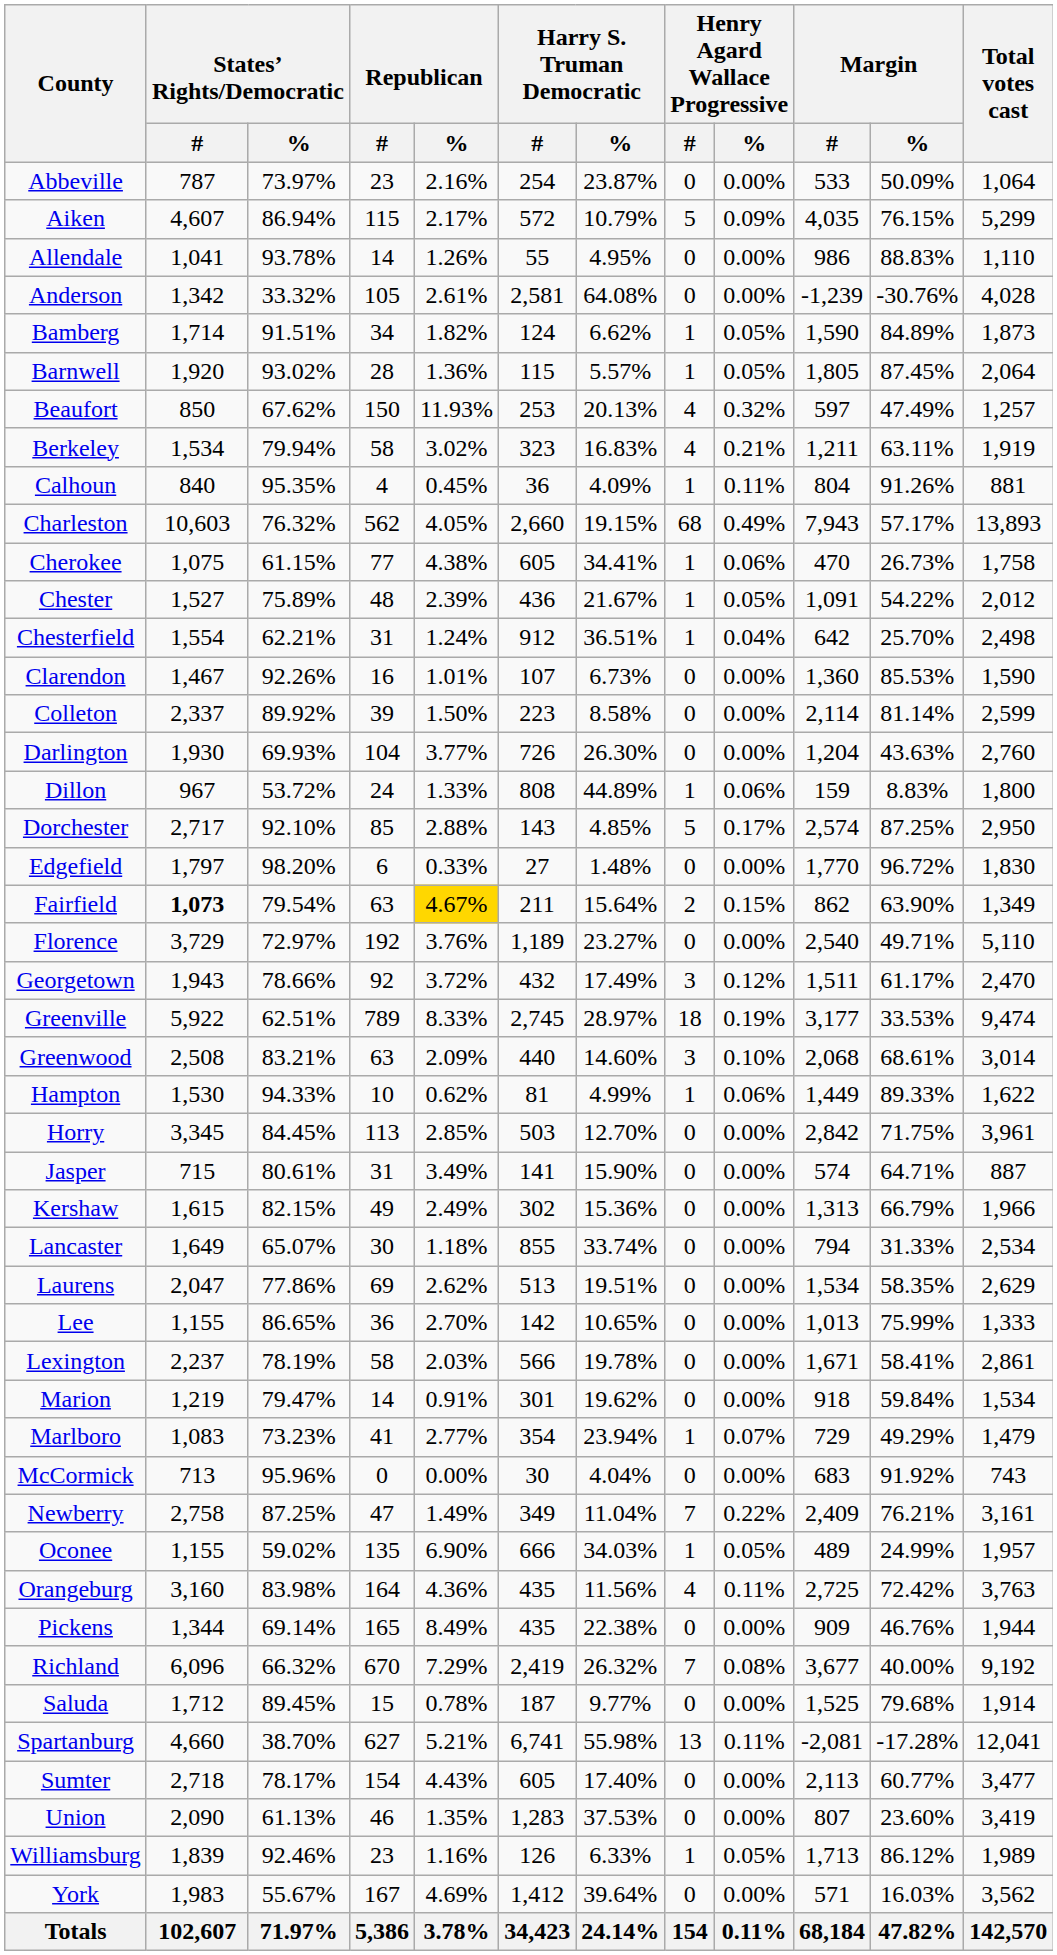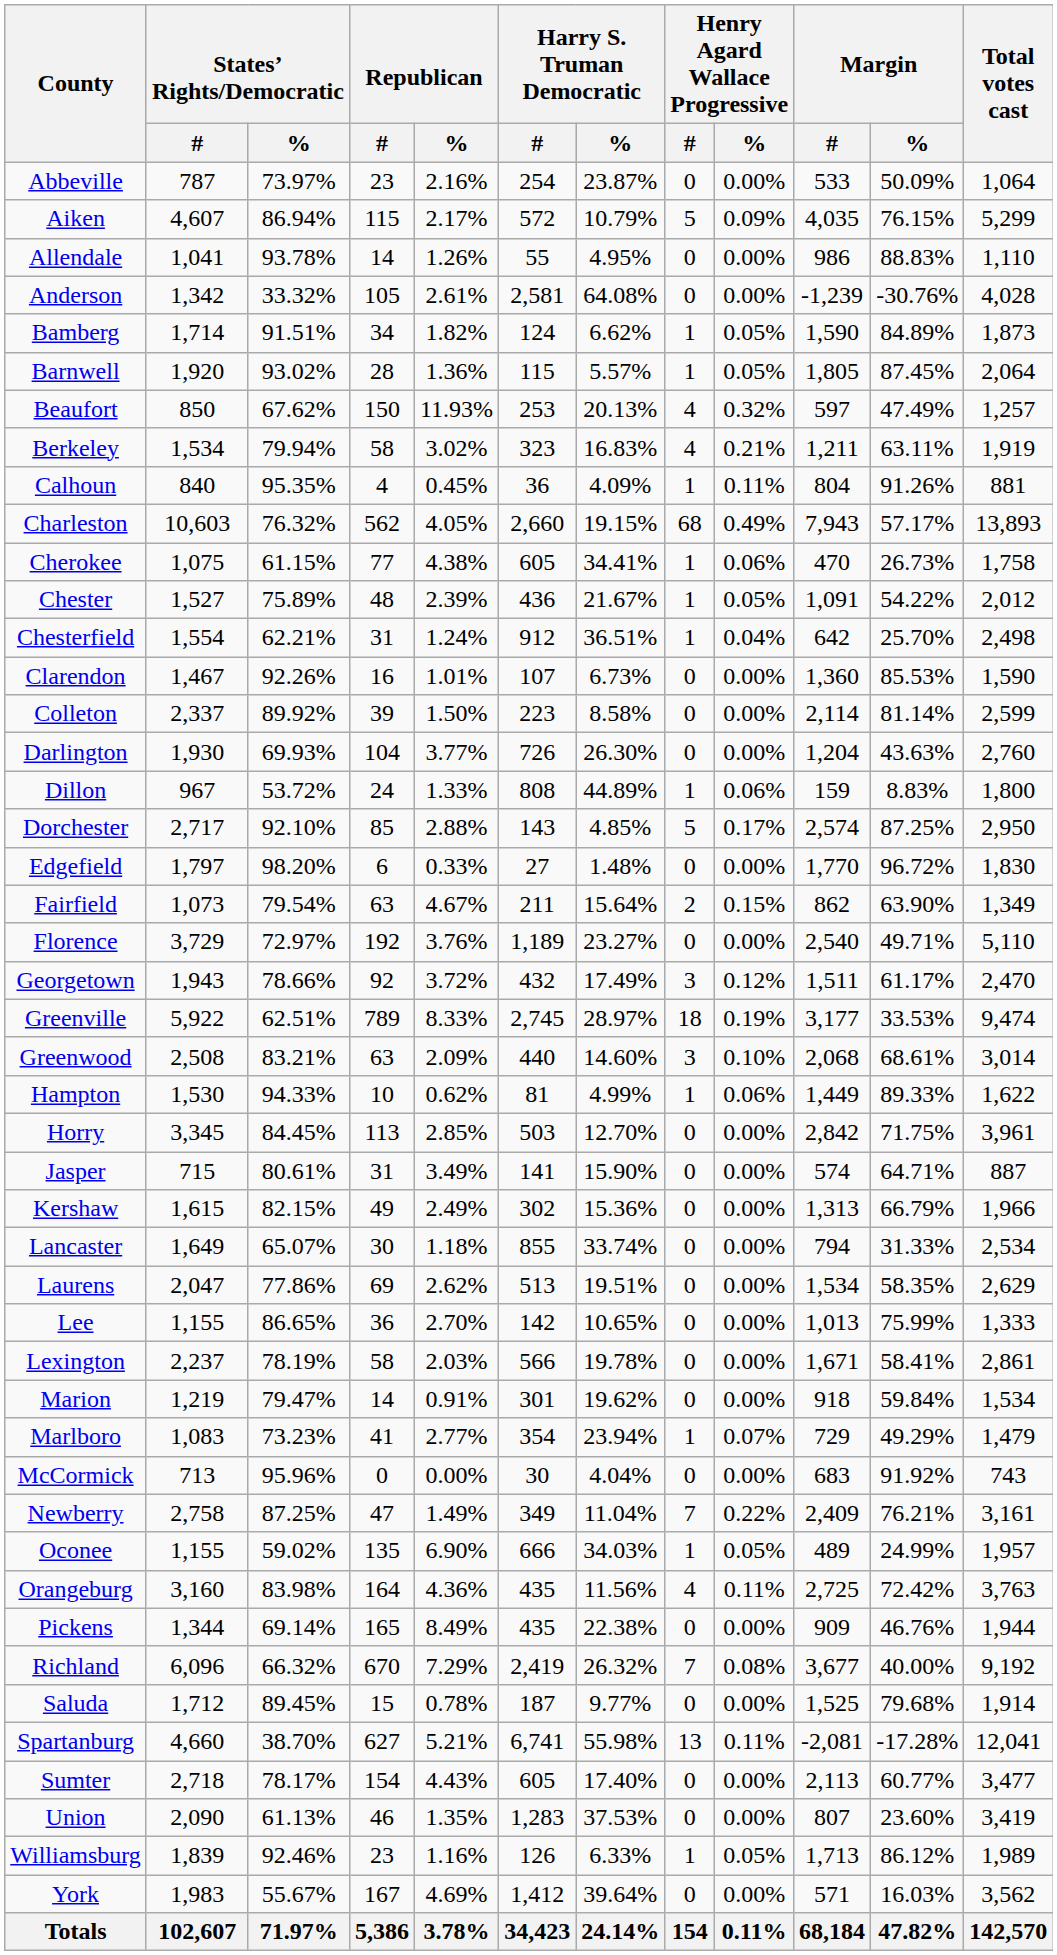 <table class="wikitable sortable mw-collapsible mw-collapsed">
 <tr>
 <th rowspan="2">County</th>
 <th colspan="2"><br>States’ Rights/Democratic</th>
 <th colspan="2"><br>Republican</th>
 <th colspan="2">Harry S. Truman<br>Democratic</th>
 <th colspan="2">Henry Agard Wallace<br>Progressive</th>
 <th colspan="2">Margin</th>
 <th rowspan="2">Total votes cast</th>
 </tr>
 <tr bgcolor="lightgrey">
 <th data-sort-type="number">#</th>
 <th data-sort-type="number">%</th>
 <th data-sort-type="number">#</th>
 <th data-sort-type="number">%</th>
 <th width="8%" data-sort-type="number">#</th>
 <th width="8%" data-sort-type="number">%</th>
 <th width="8%" data-sort-type="number">#</th>
 <th Width="8%" data-sort-type="number">%</th>
 <th data-sort-type="number">#</th>
 <th data-sort-type="number">%</th>
 </tr>
 <tr style="text-align:center;">
 <td><a href='#'>Abbeville</a></td>
 <td>787</td>
 <td>73.97%</td>
 <td>23</td>
 <td>2.16%</td>
 <td>254</td>
 <td>23.87%</td>
 <td>0</td>
 <td>0.00%</td>
 <td>533</td>
 <td>50.09%</td>
 <td>1,064</td>
 </tr>
 <tr style="text-align:center;">
 <td><a href='#'>Aiken</a></td>
 <td>4,607</td>
 <td>86.94%</td>
 <td>115</td>
 <td>2.17%</td>
 <td>572</td>
 <td>10.79%</td>
 <td>5</td>
 <td>0.09%</td>
 <td>4,035</td>
 <td>76.15%</td>
 <td>5,299</td>
 </tr>
 <tr style="text-align:center;">
 <td><a href='#'>Allendale</a></td>
 <td>1,041</td>
 <td>93.78%</td>
 <td>14</td>
 <td>1.26%</td>
 <td>55</td>
 <td>4.95%</td>
 <td>0</td>
 <td>0.00%</td>
 <td>986</td>
 <td>88.83%</td>
 <td>1,110</td>
 </tr>
 <tr style="text-align:center;">
 <td><a href='#'>Anderson</a></td>
 <td>1,342</td>
 <td>33.32%</td>
 <td>105</td>
 <td>2.61%</td>
 <td>2,581</td>
 <td>64.08%</td>
 <td>0</td>
 <td>0.00%</td>
 <td>-1,239</td>
 <td>-30.76%</td>
 <td>4,028</td>
 </tr>
 <tr style="text-align:center;">
 <td><a href='#'>Bamberg</a></td>
 <td>1,714</td>
 <td>91.51%</td>
 <td>34</td>
 <td>1.82%</td>
 <td>124</td>
 <td>6.62%</td>
 <td>1</td>
 <td>0.05%</td>
 <td>1,590</td>
 <td>84.89%</td>
 <td>1,873</td>
 </tr>
 <tr style="text-align:center;">
 <td><a href='#'>Barnwell</a></td>
 <td>1,920</td>
 <td>93.02%</td>
 <td>28</td>
 <td>1.36%</td>
 <td>115</td>
 <td>5.57%</td>
 <td>1</td>
 <td>0.05%</td>
 <td>1,805</td>
 <td>87.45%</td>
 <td>2,064</td>
 </tr>
 <tr style="text-align:center;">
 <td><a href='#'>Beaufort</a></td>
 <td>850</td>
 <td>67.62%</td>
 <td>150</td>
 <td>11.93%</td>
 <td>253</td>
 <td>20.13%</td>
 <td>4</td>
 <td>0.32%</td>
 <td>597</td>
 <td>47.49%</td>
 <td>1,257</td>
 </tr>
 <tr style="text-align:center;">
 <td><a href='#'>Berkeley</a></td>
 <td>1,534</td>
 <td>79.94%</td>
 <td>58</td>
 <td>3.02%</td>
 <td>323</td>
 <td>16.83%</td>
 <td>4</td>
 <td>0.21%</td>
 <td>1,211</td>
 <td>63.11%</td>
 <td>1,919</td>
 </tr>
 <tr style="text-align:center;">
 <td><a href='#'>Calhoun</a></td>
 <td>840</td>
 <td>95.35%</td>
 <td>4</td>
 <td>0.45%</td>
 <td>36</td>
 <td>4.09%</td>
 <td>1</td>
 <td>0.11%</td>
 <td>804</td>
 <td>91.26%</td>
 <td>881</td>
 </tr>
 <tr style="text-align:center;">
 <td><a href='#'>Charleston</a></td>
 <td>10,603</td>
 <td>76.32%</td>
 <td>562</td>
 <td>4.05%</td>
 <td>2,660</td>
 <td>19.15%</td>
 <td>68</td>
 <td>0.49%</td>
 <td>7,943</td>
 <td>57.17%</td>
 <td>13,893</td>
 </tr>
 <tr style="text-align:center;">
 <td><a href='#'>Cherokee</a></td>
 <td>1,075</td>
 <td>61.15%</td>
 <td>77</td>
 <td>4.38%</td>
 <td>605</td>
 <td>34.41%</td>
 <td>1</td>
 <td>0.06%</td>
 <td>470</td>
 <td>26.73%</td>
 <td>1,758</td>
 </tr>
 <tr style="text-align:center;">
 <td><a href='#'>Chester</a></td>
 <td>1,527</td>
 <td>75.89%</td>
 <td>48</td>
 <td>2.39%</td>
 <td>436</td>
 <td>21.67%</td>
 <td>1</td>
 <td>0.05%</td>
 <td>1,091</td>
 <td>54.22%</td>
 <td>2,012</td>
 </tr>
 <tr style="text-align:center;">
 <td><a href='#'>Chesterfield</a></td>
 <td>1,554</td>
 <td>62.21%</td>
 <td>31</td>
 <td>1.24%</td>
 <td>912</td>
 <td>36.51%</td>
 <td>1</td>
 <td>0.04%</td>
 <td>642</td>
 <td>25.70%</td>
 <td>2,498</td>
 </tr>
 <tr style="text-align:center;">
 <td><a href='#'>Clarendon</a></td>
 <td>1,467</td>
 <td>92.26%</td>
 <td>16</td>
 <td>1.01%</td>
 <td>107</td>
 <td>6.73%</td>
 <td>0</td>
 <td>0.00%</td>
 <td>1,360</td>
 <td>85.53%</td>
 <td>1,590</td>
 </tr>
 <tr style="text-align:center;">
 <td><a href='#'>Colleton</a></td>
 <td>2,337</td>
 <td>89.92%</td>
 <td>39</td>
 <td>1.50%</td>
 <td>223</td>
 <td>8.58%</td>
 <td>0</td>
 <td>0.00%</td>
 <td>2,114</td>
 <td>81.14%</td>
 <td>2,599</td>
 </tr>
 <tr style="text-align:center;">
 <td><a href='#'>Darlington</a></td>
 <td>1,930</td>
 <td>69.93%</td>
 <td>104</td>
 <td>3.77%</td>
 <td>726</td>
 <td>26.30%</td>
 <td>0</td>
 <td>0.00%</td>
 <td>1,204</td>
 <td>43.63%</td>
 <td>2,760</td>
 </tr>
 <tr style="text-align:center;">
 <td><a href='#'>Dillon</a></td>
 <td>967</td>
 <td>53.72%</td>
 <td>24</td>
 <td>1.33%</td>
 <td>808</td>
 <td>44.89%</td>
 <td>1</td>
 <td>0.06%</td>
 <td>159</td>
 <td>8.83%</td>
 <td>1,800</td>
 </tr>
 <tr style="text-align:center;">
 <td><a href='#'>Dorchester</a></td>
 <td>2,717</td>
 <td>92.10%</td>
 <td>85</td>
 <td>2.88%</td>
 <td>143</td>
 <td>4.85%</td>
 <td>5</td>
 <td>0.17%</td>
 <td>2,574</td>
 <td>87.25%</td>
 <td>2,950</td>
 </tr>
 <tr style="text-align:center;">
 <td><a href='#'>Edgefield</a></td>
 <td>1,797</td>
 <td>98.20%</td>
 <td>6</td>
 <td>0.33%</td>
 <td>27</td>
 <td>1.48%</td>
 <td>0</td>
 <td>0.00%</td>
 <td>1,770</td>
 <td>96.72%</td>
 <td>1,830</td>
 </tr>
 <tr style="text-align:center;">
 <td><a href='#'>Fairfield</a></td>
-<td><strong>1,073</strong></td>
+<td>1,073</td>
 <td>79.54%</td>
 <td>63</td>
-<td style="background: gold;">4.67%</td>
+<td>4.67%</td>
 <td>211</td>
 <td>15.64%</td>
 <td>2</td>
 <td>0.15%</td>
 <td>862</td>
 <td>63.90%</td>
 <td>1,349</td>
 </tr>
 <tr style="text-align:center;">
 <td><a href='#'>Florence</a></td>
 <td>3,729</td>
 <td>72.97%</td>
 <td>192</td>
 <td>3.76%</td>
 <td>1,189</td>
 <td>23.27%</td>
 <td>0</td>
 <td>0.00%</td>
 <td>2,540</td>
 <td>49.71%</td>
 <td>5,110</td>
 </tr>
 <tr style="text-align:center;">
 <td><a href='#'>Georgetown</a></td>
 <td>1,943</td>
 <td>78.66%</td>
 <td>92</td>
 <td>3.72%</td>
 <td>432</td>
 <td>17.49%</td>
 <td>3</td>
 <td>0.12%</td>
 <td>1,511</td>
 <td>61.17%</td>
 <td>2,470</td>
 </tr>
 <tr style="text-align:center;">
 <td><a href='#'>Greenville</a></td>
 <td>5,922</td>
 <td>62.51%</td>
 <td>789</td>
 <td>8.33%</td>
 <td>2,745</td>
 <td>28.97%</td>
 <td>18</td>
 <td>0.19%</td>
 <td>3,177</td>
 <td>33.53%</td>
 <td>9,474</td>
 </tr>
 <tr style="text-align:center;">
 <td><a href='#'>Greenwood</a></td>
 <td>2,508</td>
 <td>83.21%</td>
 <td>63</td>
 <td>2.09%</td>
 <td>440</td>
 <td>14.60%</td>
 <td>3</td>
 <td>0.10%</td>
 <td>2,068</td>
 <td>68.61%</td>
 <td>3,014</td>
 </tr>
 <tr style="text-align:center;">
 <td><a href='#'>Hampton</a></td>
 <td>1,530</td>
 <td>94.33%</td>
 <td>10</td>
 <td>0.62%</td>
 <td>81</td>
 <td>4.99%</td>
 <td>1</td>
 <td>0.06%</td>
 <td>1,449</td>
 <td>89.33%</td>
 <td>1,622</td>
 </tr>
 <tr style="text-align:center;">
 <td><a href='#'>Horry</a></td>
 <td>3,345</td>
 <td>84.45%</td>
 <td>113</td>
 <td>2.85%</td>
 <td>503</td>
 <td>12.70%</td>
 <td>0</td>
 <td>0.00%</td>
 <td>2,842</td>
 <td>71.75%</td>
 <td>3,961</td>
 </tr>
 <tr style="text-align:center;">
 <td><a href='#'>Jasper</a></td>
 <td>715</td>
 <td>80.61%</td>
 <td>31</td>
 <td>3.49%</td>
 <td>141</td>
 <td>15.90%</td>
 <td>0</td>
 <td>0.00%</td>
 <td>574</td>
 <td>64.71%</td>
 <td>887</td>
 </tr>
 <tr style="text-align:center;">
 <td><a href='#'>Kershaw</a></td>
 <td>1,615</td>
 <td>82.15%</td>
 <td>49</td>
 <td>2.49%</td>
 <td>302</td>
 <td>15.36%</td>
 <td>0</td>
 <td>0.00%</td>
 <td>1,313</td>
 <td>66.79%</td>
 <td>1,966</td>
 </tr>
 <tr style="text-align:center;">
 <td><a href='#'>Lancaster</a></td>
 <td>1,649</td>
 <td>65.07%</td>
 <td>30</td>
 <td>1.18%</td>
 <td>855</td>
 <td>33.74%</td>
 <td>0</td>
 <td>0.00%</td>
 <td>794</td>
 <td>31.33%</td>
 <td>2,534</td>
 </tr>
 <tr style="text-align:center;">
 <td><a href='#'>Laurens</a></td>
 <td>2,047</td>
 <td>77.86%</td>
 <td>69</td>
 <td>2.62%</td>
 <td>513</td>
 <td>19.51%</td>
 <td>0</td>
 <td>0.00%</td>
 <td>1,534</td>
 <td>58.35%</td>
 <td>2,629</td>
 </tr>
 <tr style="text-align:center;">
 <td><a href='#'>Lee</a></td>
 <td>1,155</td>
 <td>86.65%</td>
 <td>36</td>
 <td>2.70%</td>
 <td>142</td>
 <td>10.65%</td>
 <td>0</td>
 <td>0.00%</td>
 <td>1,013</td>
 <td>75.99%</td>
 <td>1,333</td>
 </tr>
 <tr style="text-align:center;">
 <td><a href='#'>Lexington</a></td>
 <td>2,237</td>
 <td>78.19%</td>
 <td>58</td>
 <td>2.03%</td>
 <td>566</td>
 <td>19.78%</td>
 <td>0</td>
 <td>0.00%</td>
 <td>1,671</td>
 <td>58.41%</td>
 <td>2,861</td>
 </tr>
 <tr style="text-align:center;">
 <td><a href='#'>Marion</a></td>
 <td>1,219</td>
 <td>79.47%</td>
 <td>14</td>
 <td>0.91%</td>
 <td>301</td>
 <td>19.62%</td>
 <td>0</td>
 <td>0.00%</td>
 <td>918</td>
 <td>59.84%</td>
 <td>1,534</td>
 </tr>
 <tr style="text-align:center;">
 <td><a href='#'>Marlboro</a></td>
 <td>1,083</td>
 <td>73.23%</td>
 <td>41</td>
 <td>2.77%</td>
 <td>354</td>
 <td>23.94%</td>
 <td>1</td>
 <td>0.07%</td>
 <td>729</td>
 <td>49.29%</td>
 <td>1,479</td>
 </tr>
 <tr style="text-align:center;">
 <td><a href='#'>McCormick</a></td>
 <td>713</td>
 <td>95.96%</td>
 <td>0</td>
 <td>0.00%</td>
 <td>30</td>
 <td>4.04%</td>
 <td>0</td>
 <td>0.00%</td>
 <td>683</td>
 <td>91.92%</td>
 <td>743</td>
 </tr>
 <tr style="text-align:center;">
 <td><a href='#'>Newberry</a></td>
 <td>2,758</td>
 <td>87.25%</td>
 <td>47</td>
 <td>1.49%</td>
 <td>349</td>
 <td>11.04%</td>
 <td>7</td>
 <td>0.22%</td>
 <td>2,409</td>
 <td>76.21%</td>
 <td>3,161</td>
 </tr>
 <tr style="text-align:center;">
 <td><a href='#'>Oconee</a></td>
 <td>1,155</td>
 <td>59.02%</td>
 <td>135</td>
 <td>6.90%</td>
 <td>666</td>
 <td>34.03%</td>
 <td>1</td>
 <td>0.05%</td>
 <td>489</td>
 <td>24.99%</td>
 <td>1,957</td>
 </tr>
 <tr style="text-align:center;">
 <td><a href='#'>Orangeburg</a></td>
 <td>3,160</td>
 <td>83.98%</td>
 <td>164</td>
 <td>4.36%</td>
 <td>435</td>
 <td>11.56%</td>
 <td>4</td>
 <td>0.11%</td>
 <td>2,725</td>
 <td>72.42%</td>
 <td>3,763</td>
 </tr>
 <tr style="text-align:center;">
 <td><a href='#'>Pickens</a></td>
 <td>1,344</td>
 <td>69.14%</td>
 <td>165</td>
 <td>8.49%</td>
 <td>435</td>
 <td>22.38%</td>
 <td>0</td>
 <td>0.00%</td>
 <td>909</td>
 <td>46.76%</td>
 <td>1,944</td>
 </tr>
 <tr style="text-align:center;">
 <td><a href='#'>Richland</a></td>
 <td>6,096</td>
 <td>66.32%</td>
 <td>670</td>
 <td>7.29%</td>
 <td>2,419</td>
 <td>26.32%</td>
 <td>7</td>
 <td>0.08%</td>
 <td>3,677</td>
 <td>40.00%</td>
 <td>9,192</td>
 </tr>
 <tr style="text-align:center;">
 <td><a href='#'>Saluda</a></td>
 <td>1,712</td>
 <td>89.45%</td>
 <td>15</td>
 <td>0.78%</td>
 <td>187</td>
 <td>9.77%</td>
 <td>0</td>
 <td>0.00%</td>
 <td>1,525</td>
 <td>79.68%</td>
 <td>1,914</td>
 </tr>
 <tr style="text-align:center;">
 <td><a href='#'>Spartanburg</a></td>
 <td>4,660</td>
 <td>38.70%</td>
 <td>627</td>
 <td>5.21%</td>
 <td>6,741</td>
 <td>55.98%</td>
 <td>13</td>
 <td>0.11%</td>
 <td>-2,081</td>
 <td>-17.28%</td>
 <td>12,041</td>
 </tr>
 <tr style="text-align:center;">
 <td><a href='#'>Sumter</a></td>
 <td>2,718</td>
 <td>78.17%</td>
 <td>154</td>
 <td>4.43%</td>
 <td>605</td>
 <td>17.40%</td>
 <td>0</td>
 <td>0.00%</td>
 <td>2,113</td>
 <td>60.77%</td>
 <td>3,477</td>
 </tr>
 <tr style="text-align:center;">
 <td><a href='#'>Union</a></td>
 <td>2,090</td>
 <td>61.13%</td>
 <td>46</td>
 <td>1.35%</td>
 <td>1,283</td>
 <td>37.53%</td>
 <td>0</td>
 <td>0.00%</td>
 <td>807</td>
 <td>23.60%</td>
 <td>3,419</td>
 </tr>
 <tr style="text-align:center;">
 <td><a href='#'>Williamsburg</a></td>
 <td>1,839</td>
 <td>92.46%</td>
 <td>23</td>
 <td>1.16%</td>
 <td>126</td>
 <td>6.33%</td>
 <td>1</td>
 <td>0.05%</td>
 <td>1,713</td>
 <td>86.12%</td>
 <td>1,989</td>
 </tr>
 <tr style="text-align:center;">
 <td><a href='#'>York</a></td>
 <td>1,983</td>
 <td>55.67%</td>
 <td>167</td>
 <td>4.69%</td>
 <td>1,412</td>
 <td>39.64%</td>
 <td>0</td>
 <td>0.00%</td>
 <td>571</td>
 <td>16.03%</td>
 <td>3,562</td>
 </tr>
 <tr style="text-align:center;">
 <th>Totals</th>
 <th>102,607</th>
 <th>71.97%</th>
 <th>5,386</th>
 <th>3.78%</th>
 <th>34,423</th>
 <th>24.14%</th>
 <th>154</th>
 <th>0.11%</th>
 <th>68,184</th>
 <th>47.82%</th>
 <th>142,570</th>
 </tr>
 </table>
